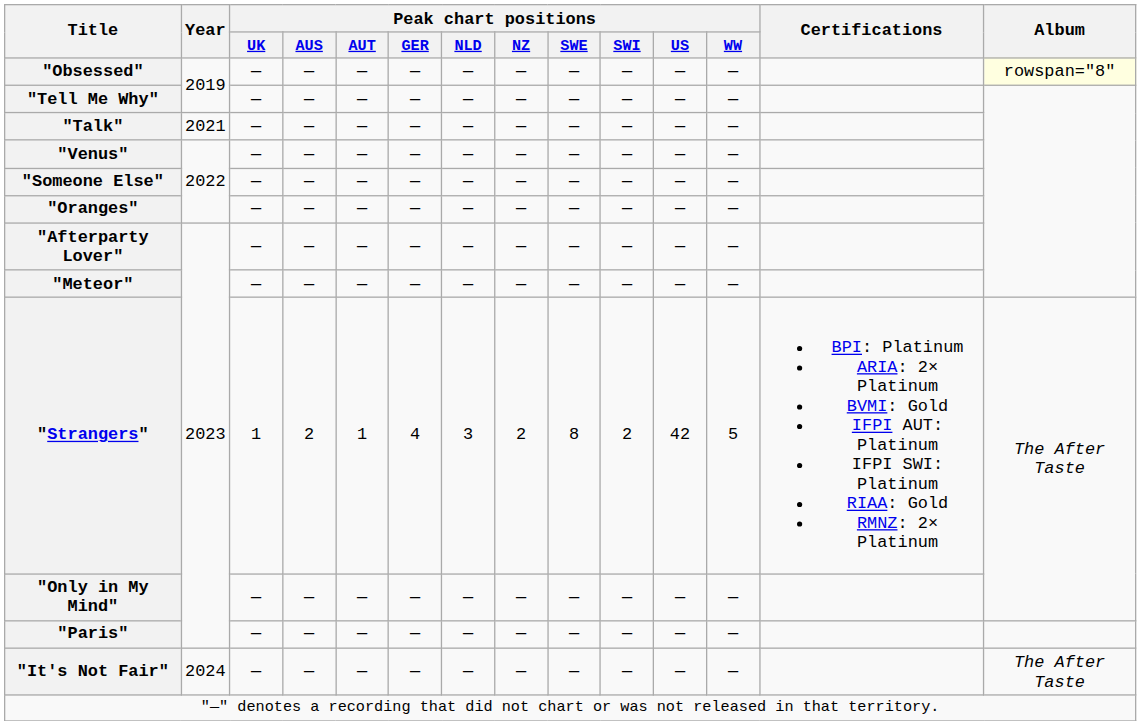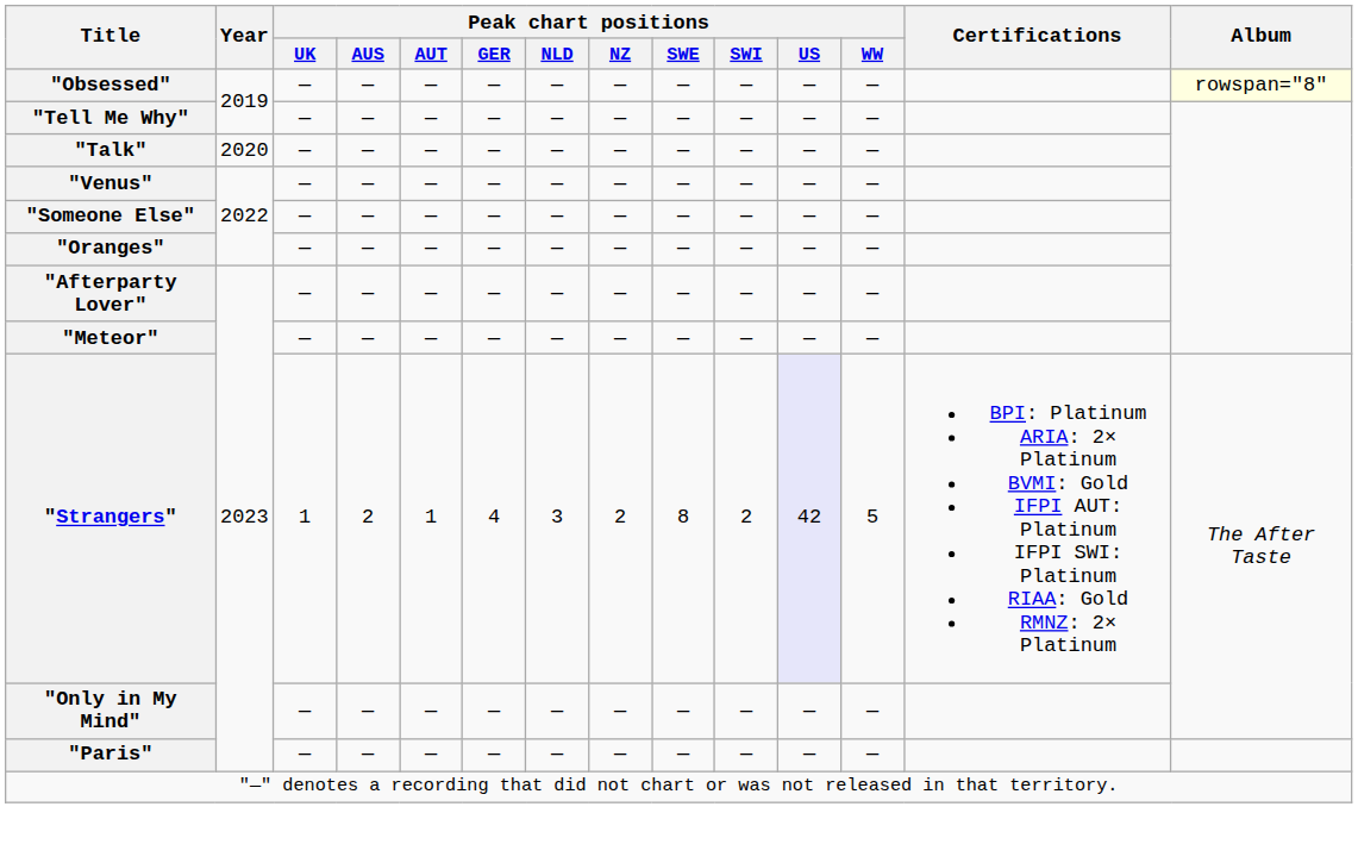 <table class="wikitable plainrowheaders" style="text-align:center;">
 <tr>
 <th scope="col" rowspan="2">Title</th>
 <th scope="col" rowspan="2">Year</th>
 <th scope="col" colspan="10">Peak chart positions</th>
 <th scope="col" rowspan="2">Certifications</th>
 <th scope="col" rowspan="2">Album</th>
 </tr>
 <tr>
 <th scope="col" style="width:3em;font-size:90%;"><a href='#'>UK</a><br></th>
 <th scope="col" style="width:3em;font-size:90%;"><a href='#'>AUS</a><br></th>
 <th scope="col" style="width:3em;font-size:90%;"><a href='#'>AUT</a><br></th>
 <th scope="col" style="width:3em;font-size:90%;"><a href='#'>GER</a><br></th>
 <th scope="col" style="width:3em;font-size:90%;"><a href='#'>NLD</a><br></th>
 <th scope="col" style="width:3em;font-size:90%;"><a href='#'>NZ</a><br></th>
 <th scope="col" style="width:3em;font-size:90%;"><a href='#'>SWE</a><br></th>
 <th scope="col" style="width:3em;font-size:90%;"><a href='#'>SWI</a><br></th>
 <th scope="col" style="width:3em;font-size:90%;"><a href='#'>US</a><br></th>
 <th scope="col" style="width:3em;font-size:90%;"><a href='#'>WW</a><br></th>
 </tr>
 <tr>
 <th scope="row">"Obsessed"</th>
 <td rowspan="2">2019</td>
 <td>—</td>
 <td>—</td>
 <td>—</td>
 <td>—</td>
 <td>—</td>
 <td>—</td>
 <td>—</td>
 <td>—</td>
 <td>—</td>
 <td>—</td>
 <td></td>
 <td style="background: lightyellow;">rowspan="8" </td>
 </tr>
 <tr>
 <th scope="row">"Tell Me Why"</th>
 <td>—</td>
 <td>—</td>
 <td>—</td>
 <td>—</td>
 <td>—</td>
 <td>—</td>
 <td>—</td>
 <td>—</td>
 <td>—</td>
 <td>—</td>
 <td></td>
 </tr>
 <tr>
 <th scope="row">"Talk"</th>
-<td>2021</td>
+<td>2020</td>
 <td>—</td>
 <td>—</td>
 <td>—</td>
 <td>—</td>
 <td>—</td>
 <td>—</td>
 <td>—</td>
 <td>—</td>
 <td>—</td>
 <td>—</td>
 <td></td>
 </tr>
 <tr>
 <th scope="row">"Venus"<br></th>
 <td rowspan="3">2022</td>
 <td>—</td>
 <td>—</td>
 <td>—</td>
 <td>—</td>
 <td>—</td>
 <td>—</td>
 <td>—</td>
 <td>—</td>
 <td>—</td>
 <td>—</td>
 <td></td>
 </tr>
 <tr>
 <th scope="row">"Someone Else"<br></th>
 <td>—</td>
 <td>—</td>
 <td>—</td>
 <td>—</td>
 <td>—</td>
 <td>—</td>
 <td>—</td>
 <td>—</td>
 <td>—</td>
 <td>—</td>
 <td></td>
 </tr>
 <tr>
 <th scope="row">"Oranges"</th>
 <td>—</td>
 <td>—</td>
 <td>—</td>
 <td>—</td>
 <td>—</td>
 <td>—</td>
 <td>—</td>
 <td>—</td>
 <td>—</td>
 <td>—</td>
 <td></td>
 </tr>
 <tr>
 <th scope="row">"Afterparty Lover"</th>
 <td rowspan="5">2023</td>
 <td>—</td>
 <td>—</td>
 <td>—</td>
 <td>—</td>
 <td>—</td>
 <td>—</td>
 <td>—</td>
 <td>—</td>
 <td>—</td>
 <td>—</td>
 <td></td>
 </tr>
 <tr>
 <th scope="row">"Meteor"<br></th>
 <td>—</td>
 <td>—</td>
 <td>—</td>
 <td>—</td>
 <td>—</td>
 <td>—</td>
 <td>—</td>
 <td>—</td>
 <td>—</td>
 <td>—</td>
 <td></td>
 </tr>
 <tr>
 <th scope="row">"<a href='#'>Strangers</a>"</th>
 <td>1</td>
 <td>2</td>
 <td>1</td>
 <td>4</td>
 <td>3</td>
 <td>2</td>
 <td>8</td>
 <td>2</td>
-<td>42</td>
+<td style="background: lavender;">42</td>
 <td>5</td>
 <td><br><ul><li><a href='#'>BPI</a>: Platinum</li><li><a href='#'>ARIA</a>: 2× Platinum</li><li><a href='#'>BVMI</a>: Gold</li><li><a href='#'>IFPI</a> AUT: Platinum</li><li>IFPI SWI: Platinum</li><li><a href='#'>RIAA</a>: Gold</li><li><a href='#'>RMNZ</a>: 2× Platinum</li></ul></td>
 <td rowspan="2"><em>The After Taste</em></td>
 </tr>
 <tr>
 <th scope="row">"Only in My Mind"</th>
 <td>—</td>
 <td>—</td>
 <td>—</td>
 <td>—</td>
 <td>—</td>
 <td>—</td>
 <td>—</td>
 <td>—</td>
 <td>—</td>
 <td>—</td>
 <td></td>
 </tr>
 <tr>
 <th scope="row">"Paris"</th>
 <td>—</td>
 <td>—</td>
 <td>—</td>
 <td>—</td>
 <td>—</td>
 <td>—</td>
 <td>—</td>
 <td>—</td>
 <td>—</td>
 <td>—</td>
 <td></td>
 <td></td>
 </tr>
 <tr>
-<th scope="row">"It's Not Fair"</th>
-<td rowspan="1">2024</td>
-<td>—</td>
-<td>—</td>
-<td>—</td>
-<td>—</td>
-<td>—</td>
-<td>—</td>
-<td>—</td>
-<td>—</td>
-<td>—</td>
-<td>—</td>
-<td></td>
-<td rowspan="1"><em>The After Taste</em></td>
-</tr>
-<tr>
 <td colspan="14" style="font-size:90%">"—" denotes a recording that did not chart or was not released in that territory.</td>
 </tr>
 </table>
